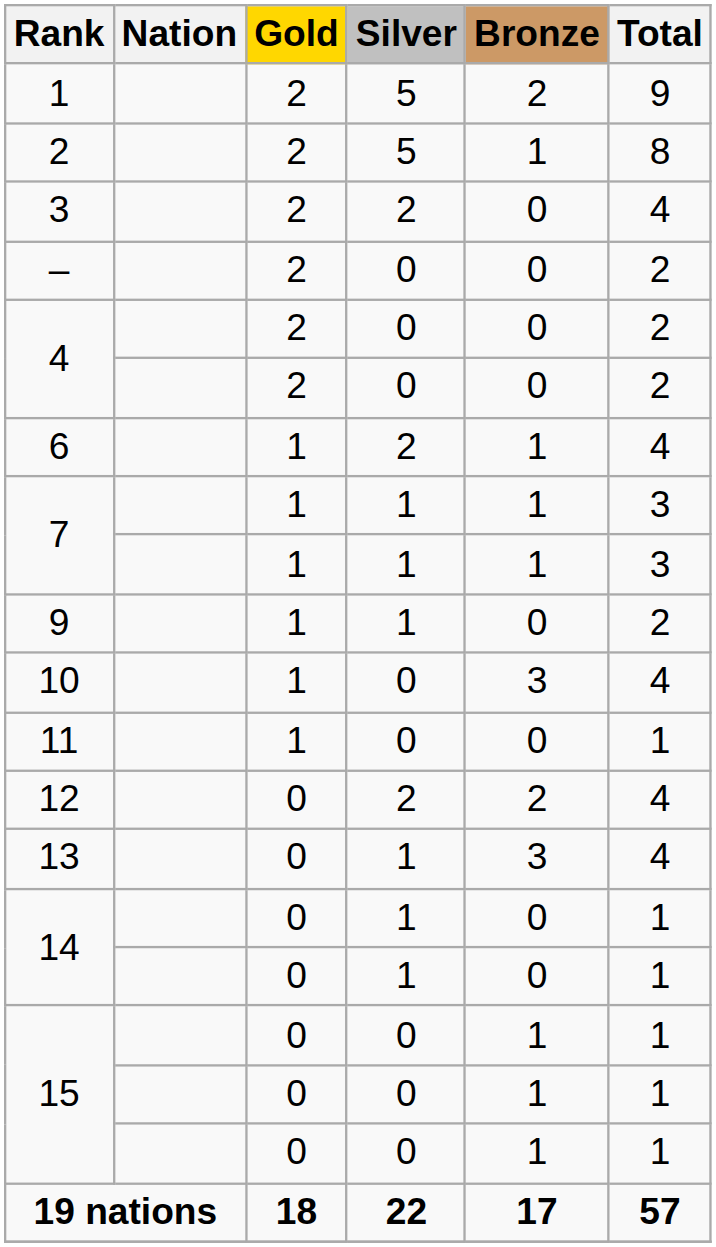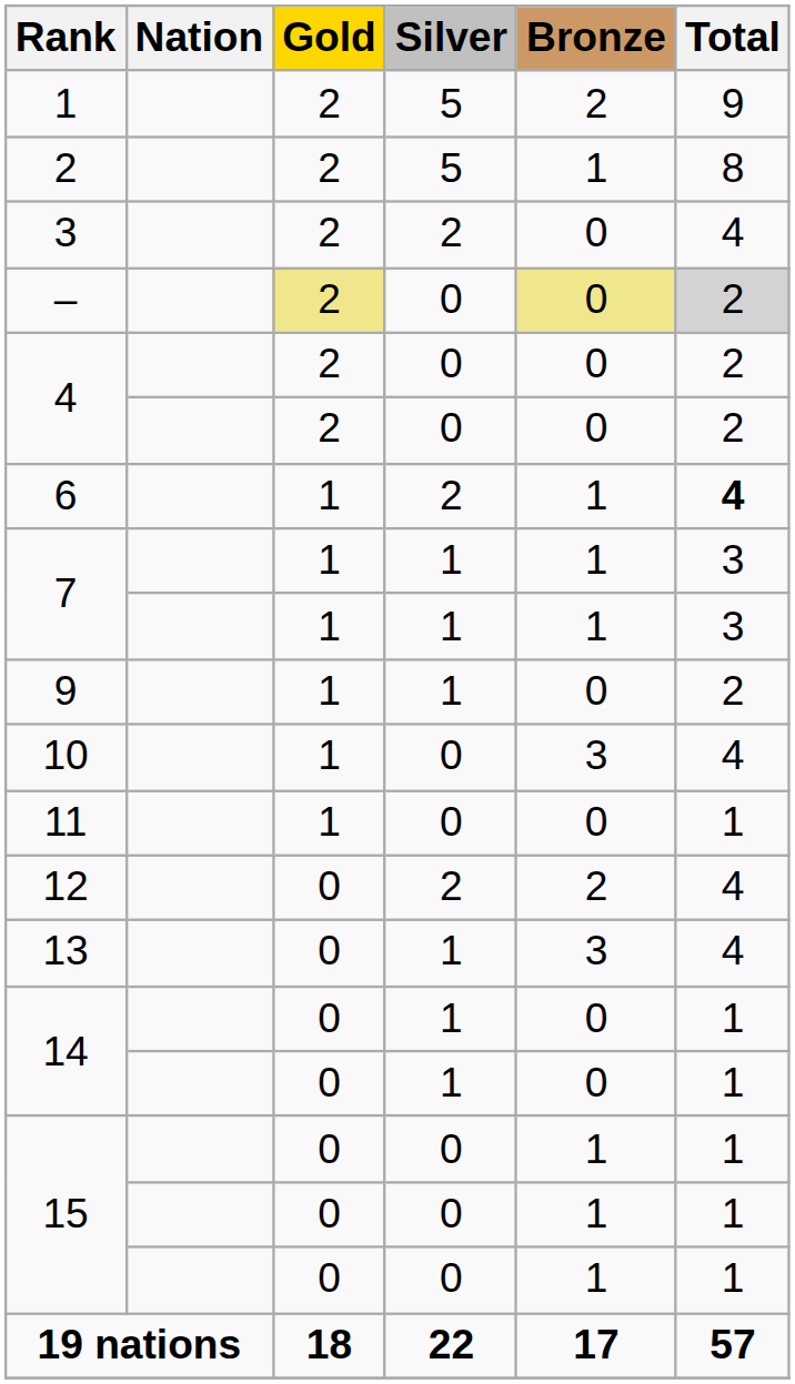 <table class="wikitable sortable" style="text-align:center">
 <tr>
 <th class="unsortable">Rank</th>
 <th>Nation</th>
 <th style="background-color:gold">Gold</th>
 <th style="background-color:silver">Silver</th>
 <th style="background-color:#cc9966">Bronze</th>
 <th>Total</th>
 </tr>
 <tr>
 <td>1</td>
 <td align=left></td>
 <td>2</td>
 <td>5</td>
 <td>2</td>
 <td>9</td>
 </tr>
 <tr>
 <td>2</td>
 <td align=left></td>
 <td>2</td>
 <td>5</td>
 <td>1</td>
 <td>8</td>
 </tr>
 <tr>
 <td>3</td>
 <td align=left></td>
 <td>2</td>
 <td>2</td>
 <td>0</td>
 <td>4</td>
 </tr>
 <tr>
 <td>–</td>
 <td align="left"></td>
-<td>2</td>
+<td style="background: khaki;">2</td>
 <td>0</td>
-<td>0</td>
-<td>2</td>
+<td style="background: khaki;">0</td>
+<td style="background: lightgrey;">2</td>
 </tr>
 <tr>
 <td rowspan="2">4</td>
 <td align="left"></td>
 <td>2</td>
 <td>0</td>
 <td>0</td>
 <td>2</td>
 </tr>
 <tr>
 <td align=left></td>
 <td>2</td>
 <td>0</td>
 <td>0</td>
 <td>2</td>
 </tr>
 <tr>
 <td>6</td>
 <td align="left"></td>
 <td>1</td>
 <td>2</td>
 <td>1</td>
-<td>4</td>
+<td><strong>4</strong></td>
 </tr>
 <tr>
 <td rowspan=2>7</td>
 <td align="left"></td>
 <td>1</td>
 <td>1</td>
 <td>1</td>
 <td>3</td>
 </tr>
 <tr>
 <td align=left></td>
 <td>1</td>
 <td>1</td>
 <td>1</td>
 <td>3</td>
 </tr>
 <tr>
 <td>9</td>
 <td align="left"></td>
 <td>1</td>
 <td>1</td>
 <td>0</td>
 <td>2</td>
 </tr>
 <tr>
 <td>10</td>
 <td align="left"></td>
 <td>1</td>
 <td>0</td>
 <td>3</td>
 <td>4</td>
 </tr>
 <tr>
 <td>11</td>
 <td align="left"></td>
 <td>1</td>
 <td>0</td>
 <td>0</td>
 <td>1</td>
 </tr>
 <tr>
 <td>12</td>
 <td align="left"></td>
 <td>0</td>
 <td>2</td>
 <td>2</td>
 <td>4</td>
 </tr>
 <tr>
 <td>13</td>
 <td align="left"></td>
 <td>0</td>
 <td>1</td>
 <td>3</td>
 <td>4</td>
 </tr>
 <tr>
 <td rowspan="2">14</td>
 <td align="left"></td>
 <td>0</td>
 <td>1</td>
 <td>0</td>
 <td>1</td>
 </tr>
 <tr>
 <td align="left"></td>
 <td>0</td>
 <td>1</td>
 <td>0</td>
 <td>1</td>
 </tr>
 <tr>
 <td rowspan="3">15</td>
 <td align="left"></td>
 <td>0</td>
 <td>0</td>
 <td>1</td>
 <td>1</td>
 </tr>
 <tr>
 <td align=left></td>
 <td>0</td>
 <td>0</td>
 <td>1</td>
 <td>1</td>
 </tr>
 <tr>
 <td align=left></td>
 <td>0</td>
 <td>0</td>
 <td>1</td>
 <td>1</td>
 </tr>
 <tr>
 <td colspan=2><strong>19 nations</strong></td>
 <td><strong>18</strong></td>
 <td><strong>22</strong></td>
 <td><strong>17</strong></td>
 <td><strong>57</strong></td>
 </tr>
 <tr>
 </tr>
 </table>
